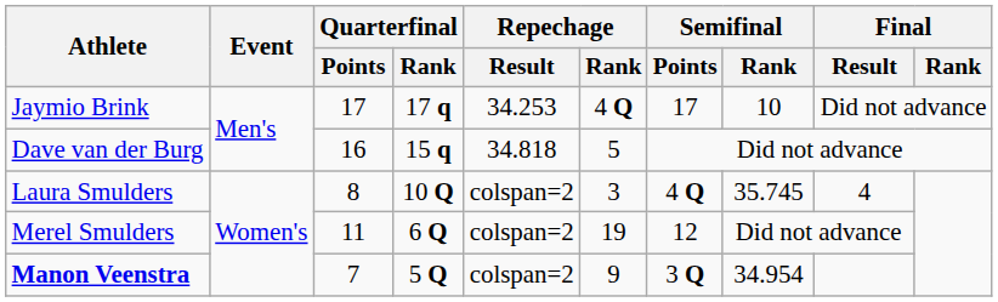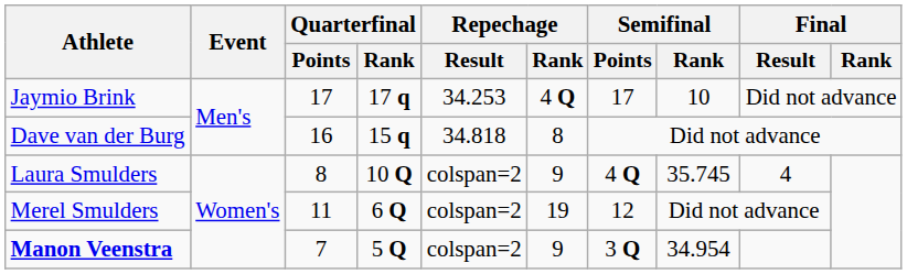 <table class="wikitable" style="font-size:90%;">
 <tr>
 <th rowspan=2>Athlete</th>
 <th rowspan=2>Event</th>
 <th colspan=2>Quarterfinal</th>
 <th colspan=2>Repechage</th>
 <th colspan=2>Semifinal</th>
 <th colspan=2>Final</th>
 </tr>
 <tr style="font-size:95%">
 <th>Points</th>
 <th>Rank</th>
 <th>Result</th>
 <th>Rank</th>
 <th>Points</th>
 <th>Rank</th>
 <th>Result</th>
 <th>Rank</th>
 </tr>
 <tr align=center>
 <td align=left><a href='#'>Jaymio Brink</a></td>
 <td align=left rowspan=2><a href='#'>Men's</a></td>
 <td>17</td>
 <td>17 <strong>q</strong></td>
 <td>34.253</td>
 <td>4 <strong>Q</strong></td>
 <td>17</td>
 <td>10</td>
 <td colspan=2>Did not advance</td>
 </tr>
 <tr align=center>
 <td align=left><a href='#'>Dave van der Burg</a></td>
 <td>16</td>
 <td>15 <strong>q</strong></td>
 <td>34.818</td>
-<td>5</td>
+<td>8</td>
 <td colspan=4>Did not advance</td>
 </tr>
 <tr align=center>
 <td align=left><a href='#'>Laura Smulders</a></td>
 <td align=left rowspan=3><a href='#'>Women's</a></td>
 <td>8</td>
 <td>10 <strong>Q</strong></td>
 <td>colspan=2 </td>
-<td>3</td>
+<td>9</td>
 <td>4 <strong>Q</strong></td>
 <td>35.745</td>
 <td>4</td>
 </tr>
 <tr align=center>
 <td align=left><a href='#'>Merel Smulders</a></td>
 <td>11</td>
 <td>6 <strong>Q</strong></td>
 <td>colspan=2 </td>
 <td>19</td>
 <td>12</td>
 <td colspan=2>Did not advance</td>
 </tr>
 <tr align=center>
 <td align=left><strong><a href='#'>Manon Veenstra</a></strong></td>
 <td>7</td>
 <td>5 <strong>Q</strong></td>
 <td>colspan=2 </td>
 <td>9</td>
 <td>3 <strong>Q</strong></td>
 <td>34.954</td>
 <td></td>
 </tr>
 </table>
